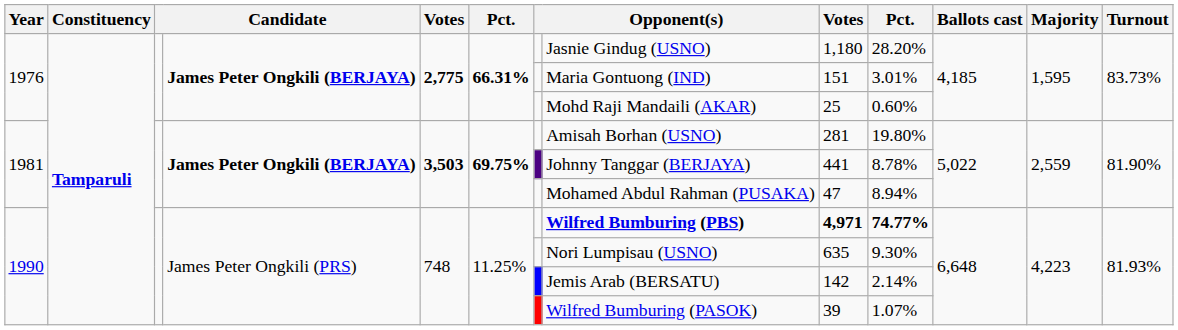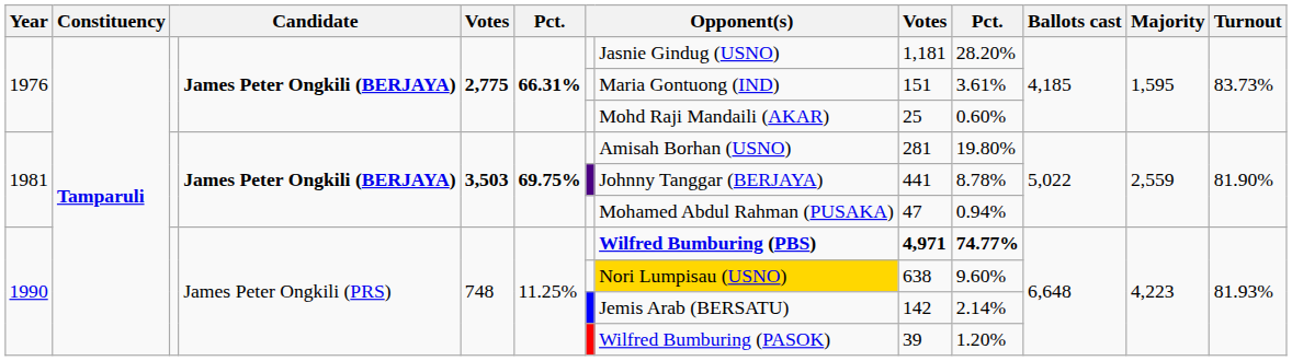 <table class="wikitable" style="margin:0.5em ; font-size:95%">
 <tr>
 <th>Year</th>
 <th>Constituency</th>
 <th colspan="2">Candidate</th>
 <th>Votes</th>
 <th>Pct.</th>
 <th colspan="2">Opponent(s)</th>
 <th>Votes</th>
 <th>Pct.</th>
 <th>Ballots cast</th>
 <th>Majority</th>
 <th>Turnout</th>
 </tr>
 <tr>
 <td rowspan="3">1976</td>
 <td rowspan="10"><a href='#'><strong>Tamparuli</strong></a></td>
 <td rowspan="3" ></td>
 <td rowspan="3"><strong>James Peter Ongkili (<a href='#'>BERJAYA</a>)</strong></td>
 <td rowspan="3"><strong>2,775</strong></td>
 <td rowspan="3"><strong>66.31%</strong></td>
 <td bgcolor = ></td>
 <td>Jasnie Gindug (<a href='#'>USNO</a>)</td>
-<td>1,180</td>
+<td>1,181</td>
 <td>28.20%</td>
 <td rowspan="3">4,185</td>
 <td rowspan="3">1,595</td>
 <td rowspan="3">83.73%</td>
 </tr>
 <tr>
 <td></td>
 <td>Maria Gontuong (<a href='#'>IND</a>)</td>
 <td>151</td>
-<td>3.01%</td>
+<td>3.61%</td>
 </tr>
 <tr>
 <td></td>
 <td>Mohd Raji Mandaili (<a href='#'>AKAR</a>)</td>
 <td>25</td>
 <td>0.60%</td>
 </tr>
 <tr>
 <td rowspan="3">1981</td>
 <td rowspan="3" ></td>
 <td rowspan="3"><strong>James Peter Ongkili (<a href='#'>BERJAYA</a>)</strong></td>
 <td rowspan="3"><strong>3,503</strong></td>
 <td rowspan="3"><strong>69.75%</strong></td>
 <td bgcolor = ></td>
 <td>Amisah Borhan (<a href='#'>USNO</a>)</td>
 <td>281</td>
 <td>19.80%</td>
 <td rowspan="3">5,022</td>
 <td rowspan="3">2,559</td>
 <td rowspan="3">81.90%</td>
 </tr>
 <tr>
 <td bgcolor= indigo></td>
 <td>Johnny Tanggar (<a href='#'>BERJAYA</a>)</td>
 <td>441</td>
 <td>8.78%</td>
 </tr>
 <tr>
 <td></td>
 <td>Mohamed Abdul Rahman (<a href='#'>PUSAKA</a>)</td>
 <td>47</td>
-<td>8.94%</td>
+<td>0.94%</td>
 </tr>
 <tr>
 <td rowspan="4"><a href='#'>1990</a></td>
 <td rowspan="4"></td>
 <td rowspan="4">James Peter Ongkili (<a href='#'>PRS</a>)</td>
 <td rowspan="4">748</td>
 <td rowspan="4">11.25%</td>
 <td bgcolor= ></td>
 <td><strong><a href='#'>Wilfred Bumburing</a> (<a href='#'>PBS</a>)</strong></td>
 <td><strong>4,971</strong></td>
 <td><strong>74.77%</strong></td>
 <td rowspan="4">6,648</td>
 <td rowspan="4">4,223</td>
 <td rowspan="4">81.93%</td>
 </tr>
 <tr>
 <td bgcolor = ></td>
-<td>Nori Lumpisau (<a href='#'>USNO</a>)</td>
-<td>635</td>
-<td>9.30%</td>
+<td style="background: gold;">Nori Lumpisau (<a href='#'>USNO</a>)</td>
+<td>638</td>
+<td>9.60%</td>
 </tr>
 <tr>
 <td bgcolor= blue></td>
 <td>Jemis Arab (BERSATU)</td>
 <td>142</td>
 <td>2.14%</td>
 </tr>
 <tr>
 <td bgcolor= red></td>
 <td><a href='#'>Wilfred Bumburing</a> (<a href='#'>PASOK</a>)</td>
 <td>39</td>
-<td>1.07%</td>
+<td>1.20%</td>
 </tr>
 </table>
